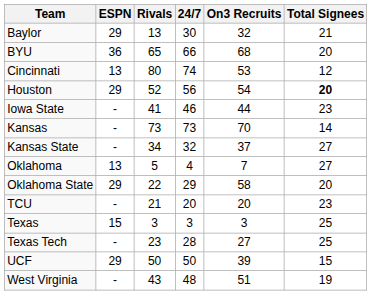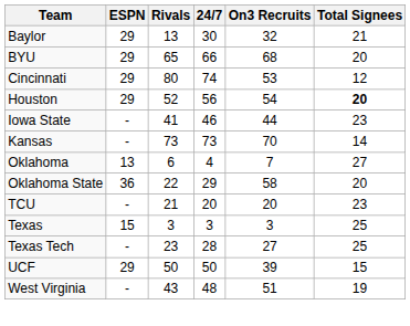 <table class="wikitable">
 <tr>
 <th>Team</th>
 <th>ESPN</th>
 <th>Rivals</th>
 <th>24/7</th>
 <th>On3 Recruits</th>
 <th>Total Signees</th>
 </tr>
 <tr>
 <td>Baylor</td>
 <td style="text-align:center; background:white">29</td>
 <td style="text-align:center; background:white">13</td>
 <td style="text-align:center; background:white">30</td>
 <td style="text-align:center; background:white">32</td>
 <td style="text-align:center; background:white">21</td>
 </tr>
 <tr>
 <td>BYU</td>
-<td style="text-align:center; background:white">36</td>
+<td style="text-align:center; background:white">29</td>
 <td style="text-align:center; background:white">65</td>
 <td style="text-align:center; background:white">66</td>
 <td style="text-align:center; background:white">68</td>
 <td style="text-align:center; background:white">20</td>
 </tr>
 <tr>
 <td>Cincinnati</td>
-<td style="text-align:center; background:white">13</td>
+<td style="text-align:center; background:white">29</td>
 <td style="text-align:center; background:white">80</td>
 <td style="text-align:center; background:white">74</td>
 <td style="text-align:center; background:white">53</td>
 <td style="text-align:center; background:white">12</td>
 </tr>
 <tr>
 <td>Houston</td>
 <td style="text-align:center; background:white">29</td>
 <td style="text-align:center; background:white">52</td>
 <td style="text-align:center; background:white">56</td>
 <td style="text-align:center; background:white">54</td>
 <td style="text-align:center; background:white"><strong>20</strong></td>
 </tr>
 <tr>
 <td>Iowa State</td>
 <td style="text-align:center; background:white">-</td>
 <td style="text-align:center; background:white">41</td>
 <td style="text-align:center; background:white">46</td>
 <td style="text-align:center; background:white">44</td>
 <td style="text-align:center; background:white">23</td>
 </tr>
 <tr>
 <td>Kansas</td>
 <td style="text-align:center; background:white">-</td>
 <td style="text-align:center; background:white">73</td>
 <td style="text-align:center; background:white">73</td>
 <td style="text-align:center; background:white">70</td>
 <td style="text-align:center; background:white">14</td>
 </tr>
 <tr>
-<td>Kansas State</td>
-<td style="text-align:center; background:white">-</td>
-<td style="text-align:center; background:white">34</td>
-<td style="text-align:center; background:white">32</td>
-<td style="text-align:center; background:white">37</td>
-<td style="text-align:center; background:white">27</td>
-</tr>
-<tr>
 <td>Oklahoma</td>
 <td style="text-align:center; background:white">13</td>
-<td style="text-align:center; background:white">5</td>
+<td style="text-align:center; background:white">6</td>
 <td style="text-align:center; background:white">4</td>
 <td style="text-align:center; background:white">7</td>
 <td style="text-align:center; background:white">27</td>
 </tr>
 <tr>
 <td>Oklahoma State</td>
-<td style="text-align:center; background:white">29</td>
+<td style="text-align:center; background:white">36</td>
 <td style="text-align:center; background:white">22</td>
 <td style="text-align:center; background:white">29</td>
 <td style="text-align:center; background:white">58</td>
 <td style="text-align:center; background:white">20</td>
 </tr>
 <tr>
 <td>TCU</td>
 <td style="text-align:center; background:white">-</td>
 <td style="text-align:center; background:white">21</td>
 <td style="text-align:center; background:white">20</td>
 <td style="text-align:center; background:white">20</td>
 <td style="text-align:center; background:white">23</td>
 </tr>
 <tr>
 <td>Texas</td>
 <td style="text-align:center; background:white">15</td>
 <td style="text-align:center; background:white">3</td>
 <td style="text-align:center; background:white">3</td>
 <td style="text-align:center; background:white">3</td>
 <td style="text-align:center; background:white">25</td>
 </tr>
 <tr>
 <td>Texas Tech</td>
 <td style="text-align:center; background:white">-</td>
 <td style="text-align:center; background:white">23</td>
 <td style="text-align:center; background:white">28</td>
 <td style="text-align:center; background:white">27</td>
 <td style="text-align:center; background:white">25</td>
 </tr>
 <tr>
 <td>UCF</td>
 <td style="text-align:center; background:white">29</td>
 <td style="text-align:center; background:white">50</td>
 <td style="text-align:center; background:white">50</td>
 <td style="text-align:center; background:white">39</td>
 <td style="text-align:center; background:white">15</td>
 </tr>
 <tr>
 <td>West Virginia</td>
 <td style="text-align:center; background:white">-</td>
 <td style="text-align:center; background:white">43</td>
 <td style="text-align:center; background:white">48</td>
 <td style="text-align:center; background:white">51</td>
 <td style="text-align:center; background:white">19</td>
 </tr>
 </table>
